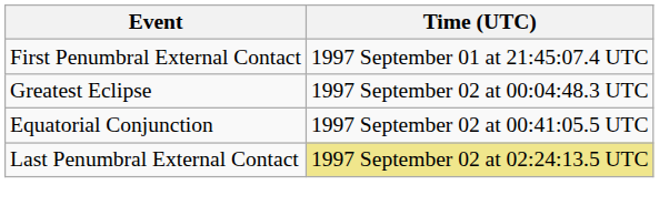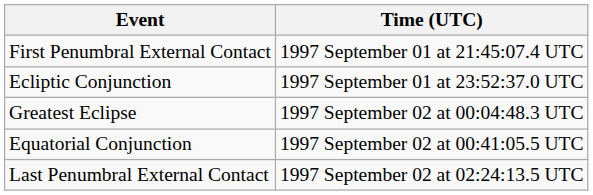 <table class="wikitable">
 <tr>
 <th>Event</th>
 <th>Time (UTC)</th>
 </tr>
 <tr>
 <td>First Penumbral External Contact</td>
 <td>1997 September 01 at 21:45:07.4 UTC</td>
+</tr>
+<tr>
+<td>Ecliptic Conjunction</td>
+<td>1997 September 01 at 23:52:37.0 UTC</td>
 </tr>
 <tr>
 <td>Greatest Eclipse</td>
 <td>1997 September 02 at 00:04:48.3 UTC</td>
 </tr>
 <tr>
 <td>Equatorial Conjunction</td>
 <td>1997 September 02 at 00:41:05.5 UTC</td>
 </tr>
 <tr>
 <td>Last Penumbral External Contact</td>
-<td style="background: khaki;">1997 September 02 at 02:24:13.5 UTC</td>
+<td>1997 September 02 at 02:24:13.5 UTC</td>
 </tr>
 </table>
